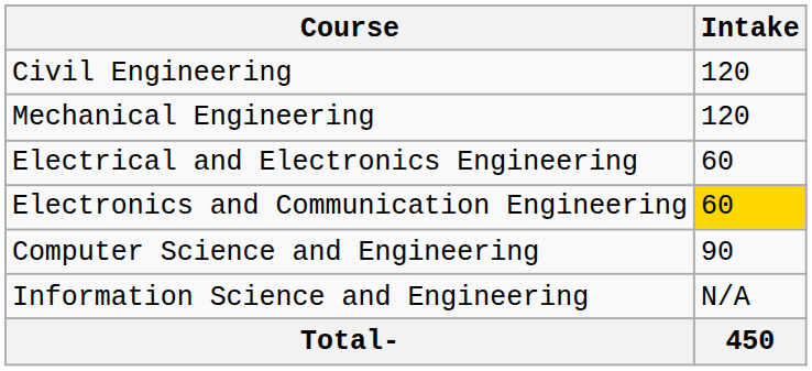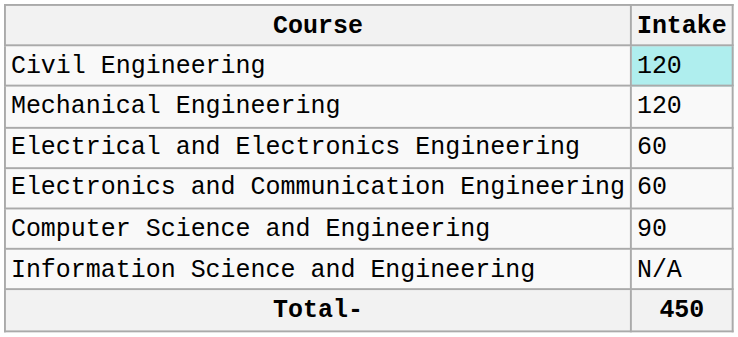 <table class="wikitable" border="1">
 <tr>
 <th>Course</th>
 <th>Intake</th>
 </tr>
 <tr>
 <td>Civil Engineering</td>
-<td>120</td>
+<td style="background: paleturquoise;">120</td>
 </tr>
 <tr>
 <td>Mechanical Engineering</td>
 <td>120</td>
 </tr>
 <tr>
 <td>Electrical and Electronics Engineering</td>
 <td>60</td>
 </tr>
 <tr>
 <td>Electronics and Communication Engineering</td>
-<td style="background: gold;">60</td>
+<td>60</td>
 </tr>
 <tr>
 <td>Computer Science and Engineering</td>
 <td>90</td>
 </tr>
 <tr>
 <td>Information Science and Engineering</td>
 <td>N/A</td>
 </tr>
 <tr>
 <th>Total-</th>
 <th>450</th>
 </tr>
 </table>
